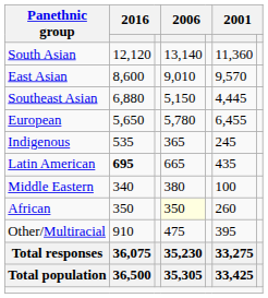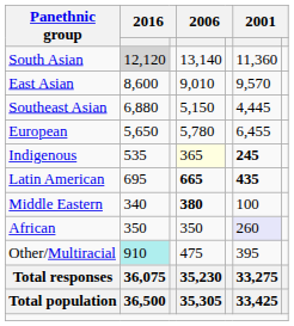 <table class="wikitable sortable">
 <tr>
 <th rowspan="2"><a href='#'>Panethnic</a><br>group</th>
 <th colspan="2">2016</th>
 <th colspan="2">2006</th>
 <th colspan="2">2001</th>
 </tr>
 <tr>
 <th><a href='#'></a></th>
 <th></th>
 <th></th>
 <th></th>
 <th></th>
 <th></th>
 </tr>
 <tr>
 <td><a href='#'>South Asian</a></td>
-<td>12,120</td>
+<td style="background: lightgrey;">12,120</td>
 <td></td>
 <td>13,140</td>
 <td></td>
 <td>11,360</td>
 <td></td>
 </tr>
 <tr>
 <td><a href='#'>East Asian</a></td>
 <td>8,600</td>
 <td></td>
 <td>9,010</td>
 <td></td>
 <td>9,570</td>
 <td></td>
 </tr>
 <tr>
 <td><a href='#'>Southeast Asian</a></td>
 <td>6,880</td>
 <td></td>
 <td>5,150</td>
 <td></td>
 <td>4,445</td>
 <td></td>
 </tr>
 <tr>
 <td><a href='#'>European</a></td>
 <td>5,650</td>
 <td></td>
 <td>5,780</td>
 <td></td>
 <td>6,455</td>
 <td></td>
 </tr>
 <tr>
 <td><a href='#'>Indigenous</a></td>
 <td>535</td>
 <td></td>
-<td>365</td>
+<td style="background: lightyellow;">365</td>
 <td></td>
-<td>245</td>
+<td><strong>245</strong></td>
 <td></td>
 </tr>
 <tr>
 <td><a href='#'>Latin American</a></td>
-<td><strong>695</strong></td>
+<td>695</td>
 <td></td>
-<td>665</td>
+<td><strong>665</strong></td>
 <td></td>
-<td>435</td>
+<td><strong>435</strong></td>
 <td></td>
 </tr>
 <tr>
 <td><a href='#'>Middle Eastern</a></td>
 <td>340</td>
 <td></td>
-<td>380</td>
+<td><strong>380</strong></td>
 <td></td>
 <td>100</td>
 <td></td>
 </tr>
 <tr>
 <td><a href='#'>African</a></td>
 <td>350</td>
 <td></td>
-<td style="background: lightyellow;">350</td>
+<td>350</td>
 <td></td>
-<td>260</td>
+<td style="background: lavender;">260</td>
 <td></td>
 </tr>
 <tr>
 <td>Other/<a href='#'>Multiracial</a></td>
-<td>910</td>
+<td style="background: paleturquoise;">910</td>
 <td></td>
 <td>475</td>
 <td></td>
 <td>395</td>
 <td></td>
 </tr>
 <tr>
 <th>Total responses</th>
 <th>36,075</th>
 <th></th>
 <th>35,230</th>
 <th></th>
 <th>33,275</th>
 <th></th>
 </tr>
 <tr>
 <th>Total population</th>
 <th>36,500</th>
 <th></th>
 <th>35,305</th>
 <th></th>
 <th>33,425</th>
 <th></th>
 </tr>
 <tr class="sortbottom">
 <td colspan="10"></td>
 </tr>
 </table>
